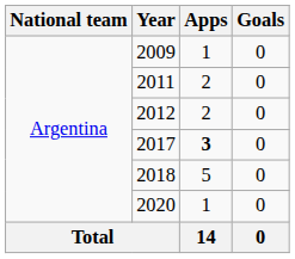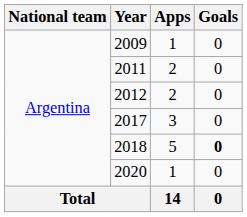 <table class="wikitable" style="text-align:center">
 <tr>
 <th>National team</th>
 <th>Year</th>
 <th>Apps</th>
 <th>Goals</th>
 </tr>
 <tr>
 <td rowspan=6 valign="center"><a href='#'>Argentina</a></td>
 <td>2009</td>
 <td>1</td>
 <td>0</td>
 </tr>
 <tr>
 <td>2011</td>
 <td>2</td>
 <td>0</td>
 </tr>
 <tr>
 <td>2012</td>
 <td>2</td>
 <td>0</td>
 </tr>
 <tr>
 <td>2017</td>
-<td><strong>3</strong></td>
+<td>3</td>
 <td>0</td>
 </tr>
 <tr>
 <td>2018</td>
 <td>5</td>
-<td>0</td>
+<td><strong>0</strong></td>
 </tr>
 <tr>
 <td>2020</td>
 <td>1</td>
 <td>0</td>
 </tr>
 <tr>
 <th colspan=2>Total</th>
 <th>14</th>
 <th>0</th>
 </tr>
 </table>
